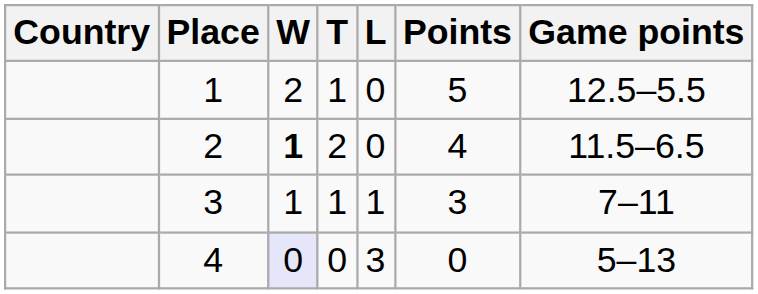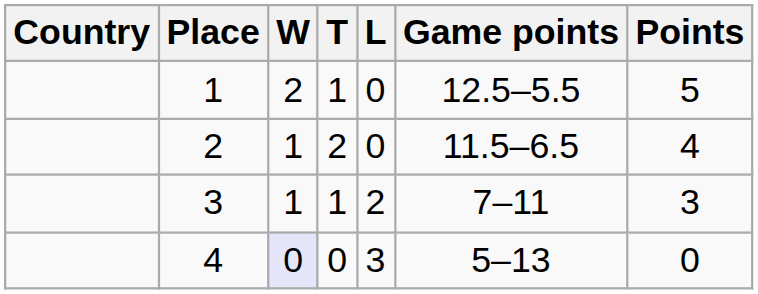 <table class="wikitable sortable" style="text-align:center">
 <tr>
 <th>Country</th>
 <th>Place</th>
 <th>W</th>
 <th>T</th>
 <th>L</th>
+<th>Game points</th>
 <th>Points</th>
-<th>Game points</th>
 </tr>
 <tr>
 <td align=left></td>
 <td>1</td>
 <td>2</td>
 <td>1</td>
 <td>0</td>
+<td>12.5–5.5</td>
 <td>5</td>
-<td>12.5–5.5</td>
 </tr>
 <tr>
 <td align=left></td>
 <td>2</td>
-<td><strong>1</strong></td>
+<td>1</td>
 <td>2</td>
 <td>0</td>
+<td>11.5–6.5</td>
 <td>4</td>
-<td>11.5–6.5</td>
 </tr>
 <tr>
 <td align=left></td>
 <td>3</td>
 <td>1</td>
 <td>1</td>
-<td>1</td>
+<td>2</td>
+<td>7–11</td>
 <td>3</td>
-<td>7–11</td>
 </tr>
 <tr>
 <td align=left></td>
 <td>4</td>
 <td style="background: lavender;">0</td>
 <td>0</td>
 <td>3</td>
+<td>5–13</td>
 <td>0</td>
-<td>5–13</td>
 </tr>
 </table>
